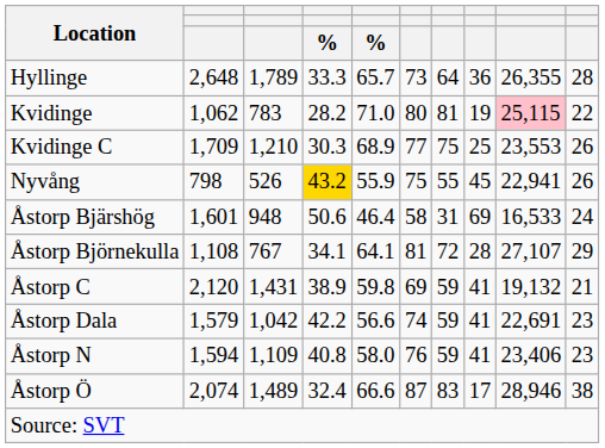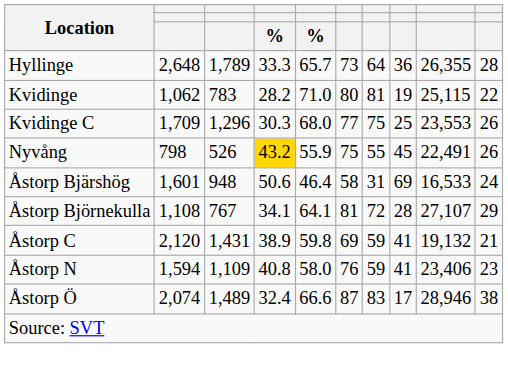 <table role="presentation" class="wikitable sortable mw-collapsible">
 <tr>
 <th rowspan="3">Location</th>
 <th></th>
 <th></th>
 <th></th>
 <th></th>
 <th></th>
 <th></th>
 <th></th>
 <th></th>
 <th></th>
 </tr>
 <tr>
 <th></th>
 <th></th>
 <th style="background:"></th>
 <th style="background:"></th>
 <th></th>
 <th></th>
 <th></th>
 <th></th>
 <th></th>
 </tr>
 <tr>
 <th data-sort-type="number"></th>
 <th data-sort-type="number"></th>
 <th data-sort-type="number">%</th>
 <th data-sort-type="number">%</th>
 <th data-sort-type="number"></th>
 <th data-sort-type="number"></th>
 <th data-sort-type="number"></th>
 <th data-sort-type="number"></th>
 <th data-sort-type="number"></th>
 </tr>
 <tr>
 <td align="left">Hyllinge</td>
 <td>2,648</td>
 <td>1,789</td>
 <td>33.3</td>
 <td>65.7</td>
 <td>73</td>
 <td>64</td>
 <td>36</td>
 <td>26,355</td>
 <td>28</td>
 </tr>
 <tr>
 <td align="left">Kvidinge</td>
 <td>1,062</td>
 <td>783</td>
 <td>28.2</td>
 <td>71.0</td>
 <td>80</td>
 <td>81</td>
 <td>19</td>
-<td style="background: pink;">25,115</td>
+<td>25,115</td>
 <td>22</td>
 </tr>
 <tr>
 <td align="left">Kvidinge C</td>
 <td>1,709</td>
-<td>1,210</td>
+<td>1,296</td>
 <td>30.3</td>
-<td>68.9</td>
+<td>68.0</td>
 <td>77</td>
 <td>75</td>
 <td>25</td>
 <td>23,553</td>
 <td>26</td>
 </tr>
 <tr>
 <td align="left">Nyvång</td>
 <td>798</td>
 <td>526</td>
 <td style="background: gold;">43.2</td>
 <td>55.9</td>
 <td>75</td>
 <td>55</td>
 <td>45</td>
-<td>22,941</td>
+<td>22,491</td>
 <td>26</td>
 </tr>
 <tr>
 <td align="left">Åstorp Bjärshög</td>
 <td>1,601</td>
 <td>948</td>
 <td>50.6</td>
 <td>46.4</td>
 <td>58</td>
 <td>31</td>
 <td>69</td>
 <td>16,533</td>
 <td>24</td>
 </tr>
 <tr>
 <td align="left">Åstorp Björnekulla</td>
 <td>1,108</td>
 <td>767</td>
 <td>34.1</td>
 <td>64.1</td>
 <td>81</td>
 <td>72</td>
 <td>28</td>
 <td>27,107</td>
 <td>29</td>
 </tr>
 <tr>
 <td align="left">Åstorp C</td>
 <td>2,120</td>
 <td>1,431</td>
 <td>38.9</td>
 <td>59.8</td>
 <td>69</td>
 <td>59</td>
 <td>41</td>
 <td>19,132</td>
 <td>21</td>
 </tr>
 <tr>
-<td align="left">Åstorp Dala</td>
-<td>1,579</td>
-<td>1,042</td>
-<td>42.2</td>
-<td>56.6</td>
-<td>74</td>
-<td>59</td>
-<td>41</td>
-<td>22,691</td>
-<td>23</td>
-</tr>
-<tr>
 <td align="left">Åstorp N</td>
 <td>1,594</td>
 <td>1,109</td>
 <td>40.8</td>
 <td>58.0</td>
 <td>76</td>
 <td>59</td>
 <td>41</td>
 <td>23,406</td>
 <td>23</td>
 </tr>
 <tr>
 <td align="left">Åstorp Ö</td>
 <td>2,074</td>
 <td>1,489</td>
 <td>32.4</td>
 <td>66.6</td>
 <td>87</td>
 <td>83</td>
 <td>17</td>
 <td>28,946</td>
 <td>38</td>
 </tr>
 <tr>
 <td colspan="10" align="left">Source: <a href='#'>SVT</a></td>
 </tr>
 </table>
